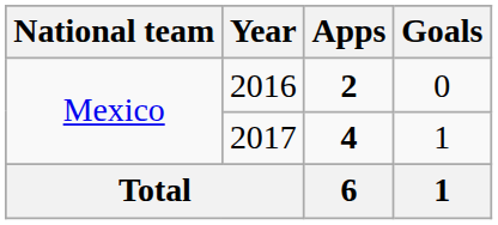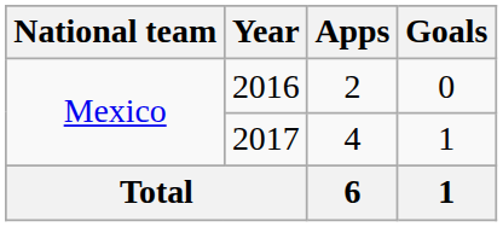 <table class="wikitable" style="text-align: center;">
 <tr>
 <th>National team</th>
 <th>Year</th>
 <th>Apps</th>
 <th>Goals</th>
 </tr>
 <tr>
 <td rowspan="2" valign="center"><a href='#'>Mexico</a></td>
 <td>2016</td>
-<td><strong>2</strong></td>
+<td>2</td>
 <td>0</td>
 </tr>
 <tr>
 <td>2017</td>
-<td><strong>4</strong></td>
+<td>4</td>
 <td>1</td>
 </tr>
 <tr>
 <th colspan="2">Total</th>
 <th>6</th>
 <th>1</th>
 </tr>
 </table>
